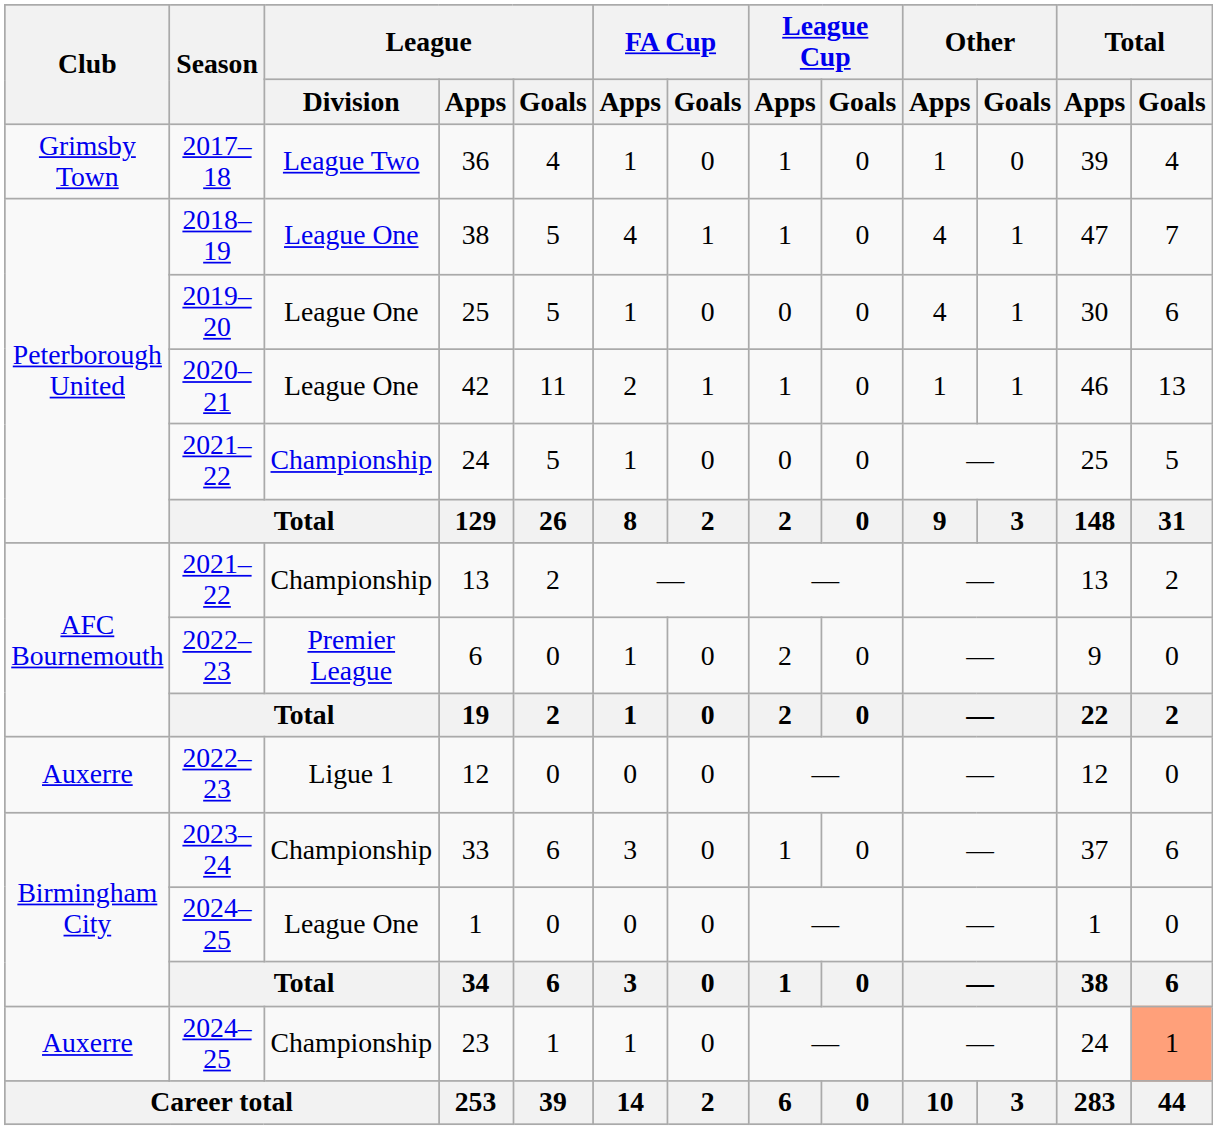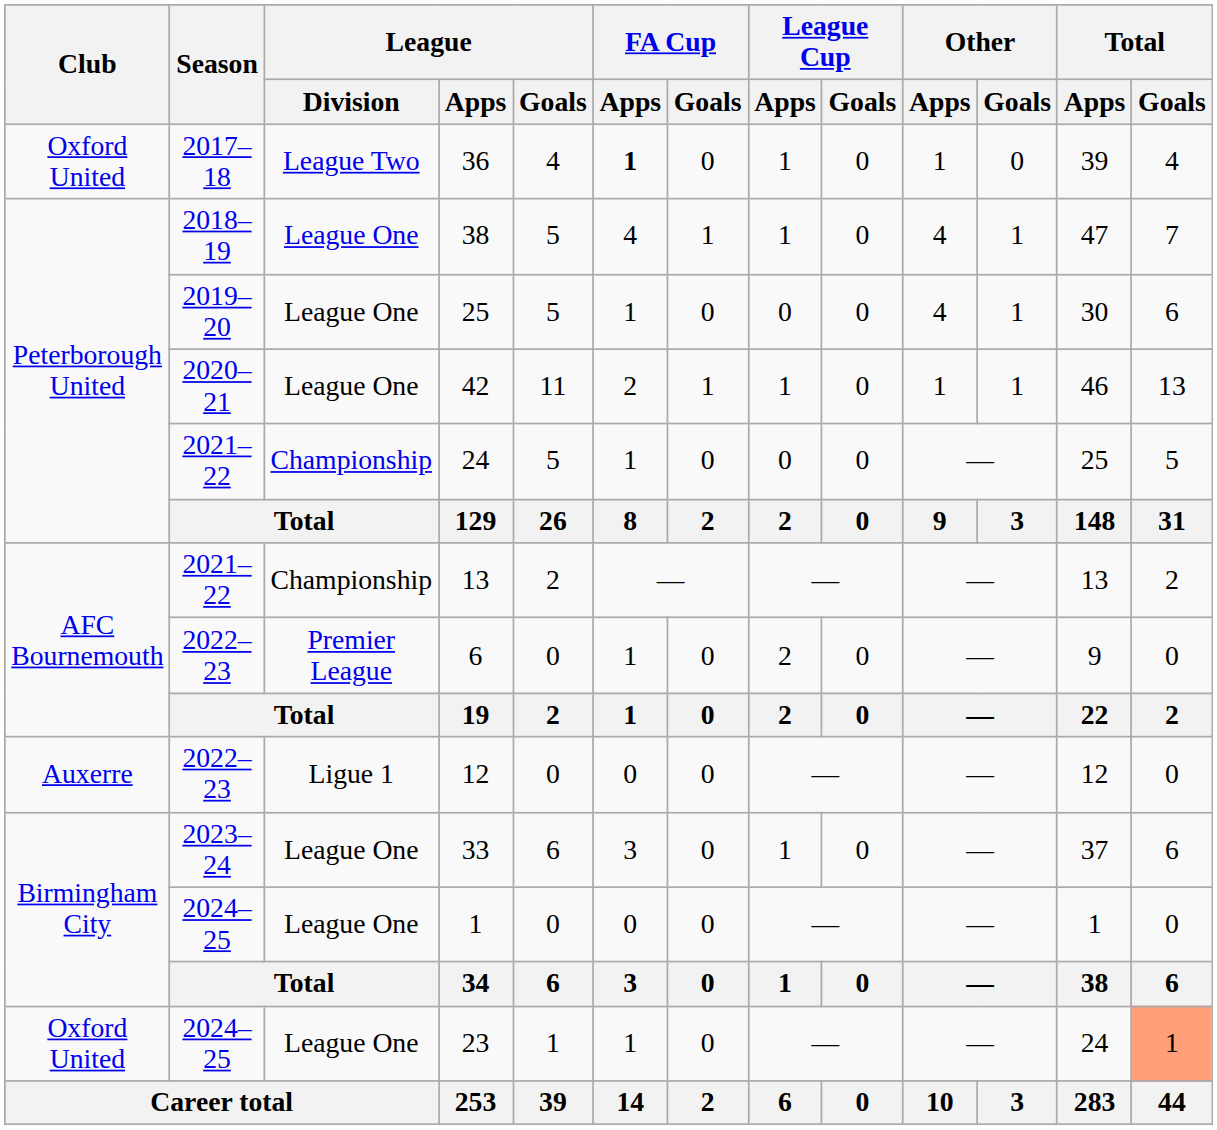 <table class="wikitable" style="text-align:center">
 <tr>
 <th rowspan="2">Club</th>
 <th rowspan="2">Season</th>
 <th colspan="3">League</th>
 <th colspan="2"><a href='#'>FA Cup</a></th>
 <th colspan="2"><a href='#'>League Cup</a></th>
 <th colspan="2">Other</th>
 <th colspan="2">Total</th>
 </tr>
 <tr>
 <th>Division</th>
 <th>Apps</th>
 <th>Goals</th>
 <th>Apps</th>
 <th>Goals</th>
 <th>Apps</th>
 <th>Goals</th>
 <th>Apps</th>
 <th>Goals</th>
 <th>Apps</th>
 <th>Goals</th>
 </tr>
 <tr>
-<td><a href='#'>Grimsby Town</a></td>
+<td><a href='#'>Oxford United</a></td>
 <td><a href='#'>2017–18</a></td>
 <td><a href='#'>League Two</a></td>
 <td>36</td>
 <td>4</td>
-<td>1</td>
+<td><strong>1</strong></td>
 <td>0</td>
 <td>1</td>
 <td>0</td>
 <td>1</td>
 <td>0</td>
 <td>39</td>
 <td>4</td>
 </tr>
 <tr>
 <td rowspan="5”"><a href='#'>Peterborough United</a></td>
 <td><a href='#'>2018–19</a></td>
 <td><a href='#'>League One</a></td>
 <td>38</td>
 <td>5</td>
 <td>4</td>
 <td>1</td>
 <td>1</td>
 <td>0</td>
 <td>4</td>
 <td>1</td>
 <td>47</td>
 <td>7</td>
 </tr>
 <tr>
 <td><a href='#'>2019–20</a></td>
 <td>League One</td>
 <td>25</td>
 <td>5</td>
 <td>1</td>
 <td>0</td>
 <td>0</td>
 <td>0</td>
 <td>4</td>
 <td>1</td>
 <td>30</td>
 <td>6</td>
 </tr>
 <tr>
 <td><a href='#'>2020–21</a></td>
 <td>League One</td>
 <td>42</td>
 <td>11</td>
 <td>2</td>
 <td>1</td>
 <td>1</td>
 <td>0</td>
 <td>1</td>
 <td>1</td>
 <td>46</td>
 <td>13</td>
 </tr>
 <tr>
 <td><a href='#'>2021–22</a></td>
 <td><a href='#'>Championship</a></td>
 <td>24</td>
 <td>5</td>
 <td>1</td>
 <td>0</td>
 <td>0</td>
 <td>0</td>
 <td colspan=2>—</td>
 <td>25</td>
 <td>5</td>
 </tr>
 <tr>
 <th colspan="2">Total</th>
 <th>129</th>
 <th>26</th>
 <th>8</th>
 <th>2</th>
 <th>2</th>
 <th>0</th>
 <th>9</th>
 <th>3</th>
 <th>148</th>
 <th>31</th>
 </tr>
 <tr>
 <td rowspan="3"><a href='#'>AFC Bournemouth</a></td>
 <td><a href='#'>2021–22</a></td>
 <td>Championship</td>
 <td>13</td>
 <td>2</td>
 <td colspan=2>—</td>
 <td colspan=2>—</td>
 <td colspan=2>—</td>
 <td>13</td>
 <td>2</td>
 </tr>
 <tr>
 <td><a href='#'>2022–23</a></td>
 <td><a href='#'>Premier League</a></td>
 <td>6</td>
 <td>0</td>
 <td>1</td>
 <td>0</td>
 <td>2</td>
 <td>0</td>
 <td colspan=2>—</td>
 <td>9</td>
 <td>0</td>
 </tr>
 <tr>
 <th colspan="2">Total</th>
 <th>19</th>
 <th>2</th>
 <th>1</th>
 <th>0</th>
 <th>2</th>
 <th>0</th>
 <th colspan=2>—</th>
 <th>22</th>
 <th>2</th>
 </tr>
 <tr>
 <td><a href='#'>Auxerre</a></td>
 <td><a href='#'>2022–23</a></td>
 <td>Ligue 1</td>
 <td>12</td>
 <td>0</td>
 <td>0</td>
 <td>0</td>
 <td colspan=2>—</td>
 <td colspan=2>—</td>
 <td>12</td>
 <td>0</td>
 </tr>
 <tr>
 <td rowspan="3"><a href='#'>Birmingham City</a></td>
 <td><a href='#'>2023–24</a></td>
-<td>Championship</td>
+<td>League One</td>
 <td>33</td>
 <td>6</td>
 <td>3</td>
 <td>0</td>
 <td>1</td>
 <td>0</td>
 <td colspan=2>—</td>
 <td>37</td>
 <td>6</td>
 </tr>
 <tr>
 <td><a href='#'>2024–25</a></td>
 <td>League One</td>
 <td>1</td>
 <td>0</td>
 <td>0</td>
 <td>0</td>
 <td colspan="2">—</td>
 <td colspan="2">—</td>
 <td>1</td>
 <td>0</td>
 </tr>
 <tr>
 <th colspan="2">Total</th>
 <th>34</th>
 <th>6</th>
 <th>3</th>
 <th>0</th>
 <th>1</th>
 <th>0</th>
 <th colspan="2">—</th>
 <th>38</th>
 <th>6</th>
 </tr>
 <tr>
-<td><a href='#'>Auxerre</a></td>
+<td><a href='#'>Oxford United</a></td>
 <td><a href='#'>2024–25</a></td>
-<td>Championship</td>
+<td>League One</td>
 <td>23</td>
 <td>1</td>
 <td>1</td>
 <td>0</td>
 <td colspan="2">—</td>
 <td colspan="2">—</td>
 <td>24</td>
 <td style="background: lightsalmon;">1</td>
 </tr>
 <tr>
 <th colspan="3">Career total</th>
 <th>253</th>
 <th>39</th>
 <th>14</th>
 <th>2</th>
 <th>6</th>
 <th>0</th>
 <th>10</th>
 <th>3</th>
 <th>283</th>
 <th>44</th>
 </tr>
 </table>
